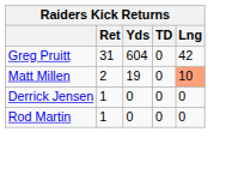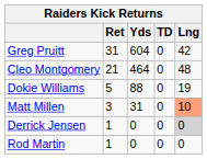 <table class="wikitable">
 <tr>
 <th colspan="5">Raiders Kick Returns</th>
 </tr>
 <tr>
 <th></th>
 <th>Ret</th>
 <th>Yds</th>
 <th>TD</th>
 <th>Lng</th>
 </tr>
 <tr>
 <td><a href='#'>Greg Pruitt</a></td>
 <td>31</td>
 <td>604</td>
 <td>0</td>
 <td>42</td>
 </tr>
 <tr>
+<td><a href='#'>Cleo Montgomery</a></td>
+<td>21</td>
+<td>464</td>
+<td>0</td>
+<td>48</td>
+</tr>
+<tr>
+<td><a href='#'>Dokie Williams</a></td>
+<td>5</td>
+<td>88</td>
+<td>0</td>
+<td>19</td>
+</tr>
+<tr>
 <td><a href='#'>Matt Millen</a></td>
-<td>2</td>
-<td>19</td>
+<td>3</td>
+<td>31</td>
 <td>0</td>
 <td style="background: lightsalmon;">10</td>
 </tr>
 <tr>
 <td><a href='#'>Derrick Jensen</a></td>
 <td>1</td>
 <td>0</td>
 <td>0</td>
-<td>0</td>
+<td style="background: lightgrey;">0</td>
 </tr>
 <tr>
 <td><a href='#'>Rod Martin</a></td>
 <td>1</td>
 <td>0</td>
 <td>0</td>
 <td>0</td>
 </tr>
 </table>
